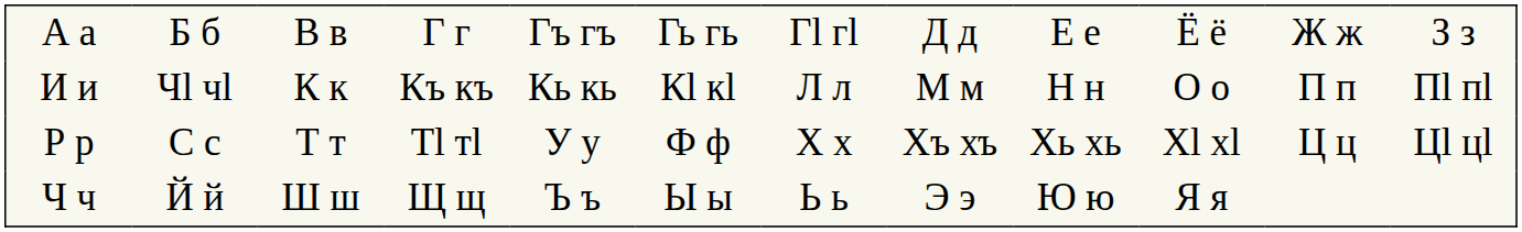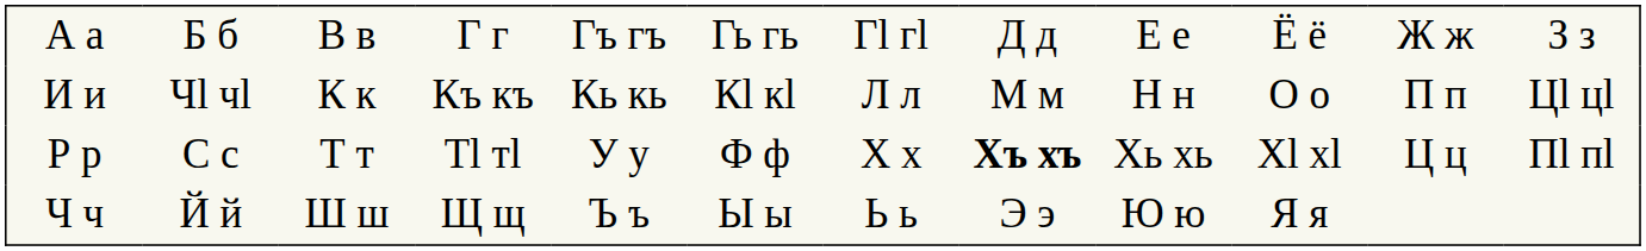 <table style="font-family:Arial Unicode MS; font-size:1.4em; border-color:#000; border-width:1px; border-style:solid; border-collapse:collapse; background:#f8f8ef;">
 <tr>
 <td style="width:3em; text-align:center; padding: 3px;">А а</td>
 <td style="width:3em; text-align:center; padding: 3px;">Б б</td>
 <td style="width:3em; text-align:center; padding: 3px;">В в</td>
 <td style="width:3em; text-align:center; padding: 3px;">Г г</td>
 <td style="width:3em; text-align:center; padding: 3px;">Гъ гъ</td>
 <td style="width:3em; text-align:center; padding: 3px;">Гь гь</td>
 <td style="width:3em; text-align:center; padding: 3px;">Гӏ гӏ</td>
 <td style="width:3em; text-align:center; padding: 3px;">Д д</td>
 <td style="width:3em; text-align:center; padding: 3px;">Е е</td>
 <td style="width:3em; text-align:center; padding: 3px;">Ё ё</td>
 <td style="width:3em; text-align:center; padding: 3px;">Ж ж</td>
 <td style="width:3em; text-align:center; padding: 3px;">З з</td>
 </tr>
 <tr>
 <td style="width:3em; text-align:center; padding: 3px;">И и</td>
 <td style="width:3em; text-align:center; padding: 3px;">Чӏ чӏ</td>
 <td style="width:3em; text-align:center; padding: 3px;">К к</td>
 <td style="width:3em; text-align:center; padding: 3px;">Къ къ</td>
 <td style="width:3em; text-align:center; padding: 3px;">Кь кь</td>
 <td style="width:3em; text-align:center; padding: 3px;">Кӏ кӏ</td>
 <td style="width:3em; text-align:center; padding: 3px;">Л л</td>
 <td style="width:3em; text-align:center; padding: 3px;">М м</td>
 <td style="width:3em; text-align:center; padding: 3px;">Н н</td>
 <td style="width:3em; text-align:center; padding: 3px;">О о</td>
 <td style="width:3em; text-align:center; padding: 3px;">П п</td>
-<td style="width:3em; text-align:center; padding: 3px;">Пӏ пӏ</td>
+<td style="width:3em; text-align:center; padding: 3px;">Цӏ цӏ</td>
 </tr>
 <tr>
 <td style="width:3em; text-align:center; padding: 3px;">Р р</td>
 <td style="width:3em; text-align:center; padding: 3px;">С с</td>
 <td style="width:3em; text-align:center; padding: 3px;">Т т</td>
 <td style="width:3em; text-align:center; padding: 3px;">Тӏ тӏ</td>
 <td style="width:3em; text-align:center; padding: 3px;">У у</td>
 <td style="width:3em; text-align:center; padding: 3px;">Ф ф</td>
 <td style="width:3em; text-align:center; padding: 3px;">Х х</td>
-<td style="width:3em; text-align:center; padding: 3px;">Хъ хъ</td>
+<td style="width:3em; text-align:center; padding: 3px;"><strong>Хъ хъ</strong></td>
 <td style="width:3em; text-align:center; padding: 3px;">Хь хь</td>
 <td style="width:3em; text-align:center; padding: 3px;">Хӏ хӏ</td>
 <td style="width:3em; text-align:center; padding: 3px;">Ц ц</td>
-<td style="width:3em; text-align:center; padding: 3px;">Цӏ цӏ</td>
+<td style="width:3em; text-align:center; padding: 3px;">Пӏ пӏ</td>
 </tr>
 <tr>
 <td style="width:3em; text-align:center; padding: 3px;">Ч ч</td>
 <td style="width:3em; text-align:center; padding: 3px;">Й й</td>
 <td style="width:3em; text-align:center; padding: 3px;">Ш ш</td>
 <td style="width:3em; text-align:center; padding: 3px;">Щ щ</td>
 <td style="width:3em; text-align:center; padding: 3px;">Ъ ъ</td>
 <td style="width:3em; text-align:center; padding: 3px;">Ы ы</td>
 <td style="width:3em; text-align:center; padding: 3px;">Ь ь</td>
 <td style="width:3em; text-align:center; padding: 3px;">Э э</td>
 <td style="width:3em; text-align:center; padding: 3px;">Ю ю</td>
 <td style="width:3em; text-align:center; padding: 3px;">Я я</td>
 </tr>
 </table>
